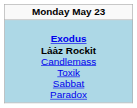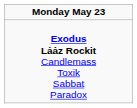 <table class="wikitable">
 <tr>
 <td colspan="3" align="center"><strong>Monday May 23</strong></td>
 </tr>
 <tr>
-<td valign="top" align="center" width=200 style="background: lightblue;"><br><strong><a href='#'>Exodus</a></strong> <br><strong>Lȧȧz Rockit</strong> <br><a href='#'>Candlemass</a> <br><a href='#'>Toxik</a> <br><a href='#'>Sabbat</a> <br><a href='#'>Paradox</a></td>
+<td valign="top" align="center" width=200><br><strong><a href='#'>Exodus</a></strong> <br><strong>Lȧȧz Rockit</strong> <br><a href='#'>Candlemass</a> <br><a href='#'>Toxik</a> <br><a href='#'>Sabbat</a> <br><a href='#'>Paradox</a></td>
 </tr>
 </table>
